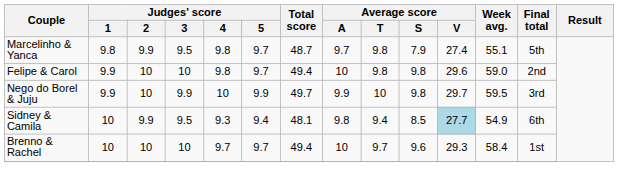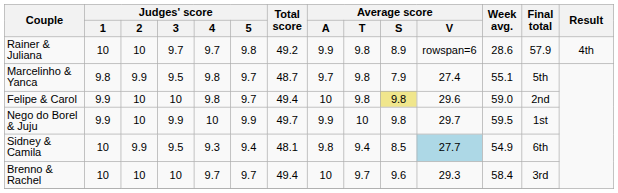 <table class="wikitable" style="font-size:100%; line-height:16px; text-align:center" width="100%">
 <tr>
 <th rowspan=2 style="width:11.0%;">Couple</th>
 <th colspan=5 style="width:25.0%;">Judges' score</th>
 <th rowspan=2 style="width:05.0%;">Total score</th>
 <th colspan=4 style="width:20.0%;">Average score</th>
 <th rowspan=2 style="width:05.0%;">Week avg.</th>
 <th rowspan=2 style="width:05.0%;">Final total</th>
 <th rowspan=2 style="width:07.5%;">Result</th>
 </tr>
 <tr>
 <th style="width:05.0%;">1</th>
 <th style="width:05.0%;">2</th>
 <th style="width:05.0%;">3</th>
 <th style="width:05.0%;">4</th>
 <th style="width:05.0%;">5</th>
 <th style="width:05.0%;">A</th>
 <th style="width:05.0%;">T</th>
 <th style="width:05.0%;">S</th>
 <th style="width:05.0%;">V</th>
+</tr>
+<tr>
+<td align="left">Rainer & Juliana</td>
+<td>10</td>
+<td>10</td>
+<td>9.7</td>
+<td>9.7</td>
+<td>9.8</td>
+<td>49.2</td>
+<td>9.9</td>
+<td>9.8</td>
+<td>8.9</td>
+<td>rowspan=6 </td>
+<td>28.6</td>
+<td>57.9</td>
+<td>4th</td>
 </tr>
 <tr>
 <td align="left">Marcelinho & Yanca</td>
 <td>9.8</td>
 <td>9.9</td>
 <td>9.5</td>
 <td>9.8</td>
 <td>9.7</td>
 <td>48.7</td>
 <td>9.7</td>
 <td>9.8</td>
 <td>7.9</td>
 <td>27.4</td>
 <td>55.1</td>
 <td>5th</td>
 </tr>
 <tr>
 <td align="left">Felipe & Carol</td>
 <td>9.9</td>
 <td>10</td>
 <td>10</td>
 <td>9.8</td>
 <td>9.7</td>
 <td>49.4</td>
 <td>10</td>
 <td>9.8</td>
-<td>9.8</td>
+<td style="background: khaki;">9.8</td>
 <td>29.6</td>
 <td>59.0</td>
 <td>2nd</td>
 </tr>
 <tr>
 <td align="left">Nego do Borel & Juju</td>
 <td>9.9</td>
 <td>10</td>
 <td>9.9</td>
 <td>10</td>
 <td>9.9</td>
 <td>49.7</td>
 <td>9.9</td>
 <td>10</td>
 <td>9.8</td>
 <td>29.7</td>
 <td>59.5</td>
-<td>3rd</td>
+<td>1st</td>
 </tr>
 <tr>
 <td align="left">Sidney & Camila</td>
 <td>10</td>
 <td>9.9</td>
 <td>9.5</td>
 <td>9.3</td>
 <td>9.4</td>
 <td>48.1</td>
 <td>9.8</td>
 <td>9.4</td>
 <td>8.5</td>
 <td style="background: lightblue;">27.7</td>
 <td>54.9</td>
 <td>6th</td>
 </tr>
 <tr>
 <td align="left">Brenno & Rachel</td>
 <td>10</td>
 <td>10</td>
 <td>10</td>
 <td>9.7</td>
 <td>9.7</td>
 <td>49.4</td>
 <td>10</td>
 <td>9.7</td>
 <td>9.6</td>
 <td>29.3</td>
 <td>58.4</td>
-<td>1st</td>
+<td>3rd</td>
 </tr>
 <tr>
 </tr>
 </table>
